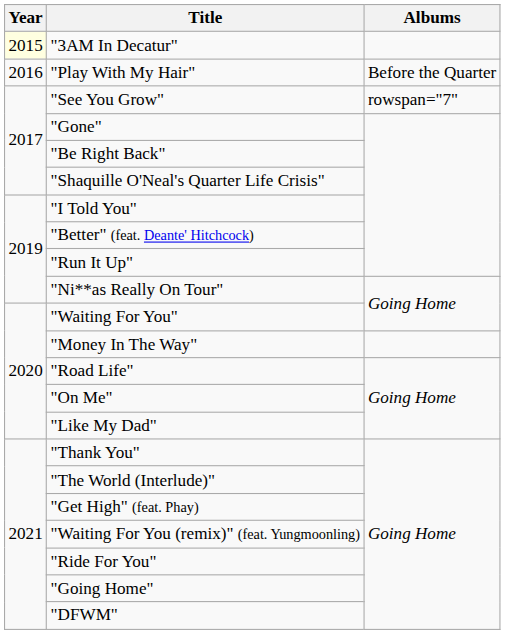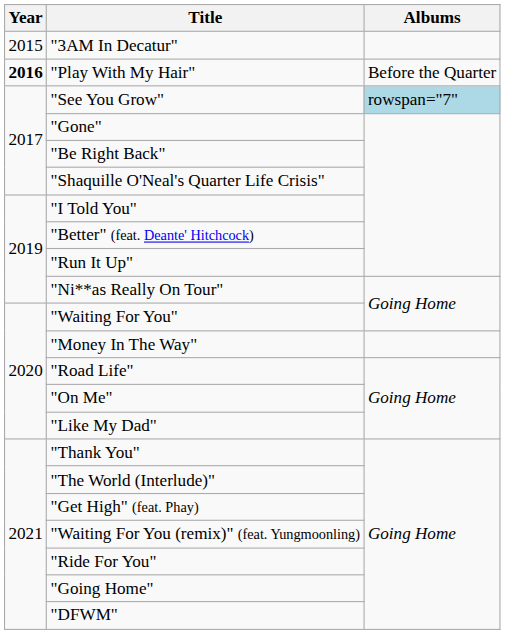 <table class="wikitable">
 <tr>
 <th>Year</th>
 <th>Title</th>
 <th>Albums</th>
 </tr>
 <tr>
-<td style="background: lightyellow;">2015</td>
+<td>2015</td>
 <td>"3AM In Decatur"</td>
 <td></td>
 </tr>
 <tr>
-<td>2016</td>
+<td><strong>2016</strong></td>
 <td>"Play With My Hair"</td>
 <td>Before the Quarter</td>
 </tr>
 <tr>
 <td rowspan="4">2017</td>
 <td>"See You Grow"</td>
-<td>rowspan="7" </td>
+<td style="background: lightblue;">rowspan="7" </td>
 </tr>
 <tr>
 <td>"Gone"</td>
 </tr>
 <tr>
 <td>"Be Right Back"</td>
 </tr>
 <tr>
 <td>"Shaquille O'Neal's Quarter Life Crisis"</td>
 </tr>
 <tr>
 <td rowspan="4">2019</td>
 <td>"I Told You"</td>
 </tr>
 <tr>
 <td>"Better" <small>(feat. <a href='#'>Deante' Hitchcock</a>)</small></td>
 </tr>
 <tr>
 <td>"Run It Up"</td>
 </tr>
 <tr>
 <td>"Ni**as Really On Tour"</td>
 <td rowspan="2"><em>Going Home</em></td>
 </tr>
 <tr>
 <td rowspan="5">2020</td>
 <td>"Waiting For You"</td>
 </tr>
 <tr>
 <td>"Money In The Way"</td>
 <td></td>
 </tr>
 <tr>
 <td>"Road Life"</td>
 <td rowspan="3"><em>Going Home</em></td>
 </tr>
 <tr>
 <td>"On Me"</td>
 </tr>
 <tr>
 <td>"Like My Dad"</td>
 </tr>
 <tr>
 <td rowspan="7">2021</td>
 <td>"Thank You"</td>
 <td rowspan="7"><em>Going Home</em></td>
 </tr>
 <tr>
 <td>"The World (Interlude)"</td>
 </tr>
 <tr>
 <td>"Get High" <small>(feat. Phay)</small></td>
 </tr>
 <tr>
 <td>"Waiting For You (remix)" <small>(feat. Yungmoonling)</small></td>
 </tr>
 <tr>
 <td>"Ride For You"</td>
 </tr>
 <tr>
 <td>"Going Home"</td>
 </tr>
 <tr>
 <td>"DFWM"</td>
 </tr>
 </table>
